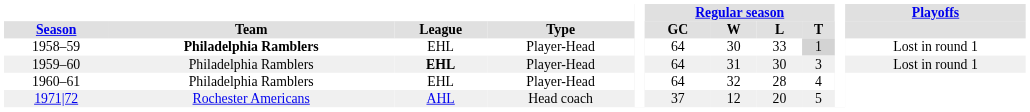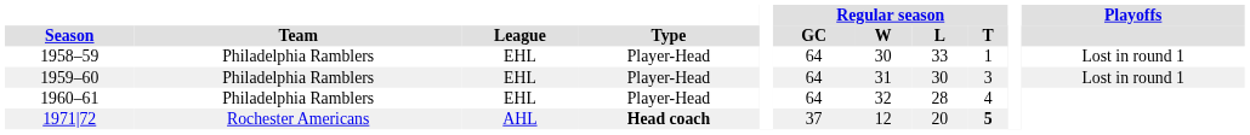 <table BORDER="0" CELLPADDING="1" CELLSPACING="0" width="75%" style="text-align:center">
 <tr bgcolor="#e0e0e0">
 <th colspan="4" bgcolor="#ffffff"> </th>
 <th rowspan="99" bgcolor="#ffffff"> </th>
 <th colspan="4"><a href='#'>Regular season</a></th>
 <th rowspan="99" bgcolor="#ffffff"> </th>
 <th colspan="1"><a href='#'>Playoffs</a></th>
 </tr>
 <tr bgcolor="#e0e0e0">
 <th><a href='#'>Season</a></th>
 <th>Team</th>
 <th>League</th>
 <th>Type</th>
 <th>GC</th>
 <th>W</th>
 <th>L</th>
 <th>T</th>
 <th></th>
 </tr>
 <tr>
 <td>1958–59</td>
-<td><strong>Philadelphia Ramblers</strong></td>
+<td>Philadelphia Ramblers</td>
 <td>EHL</td>
 <td>Player-Head</td>
 <td>64</td>
 <td>30</td>
 <td>33</td>
-<td style="background: lightgrey;">1</td>
+<td>1</td>
 <td>Lost in round 1</td>
 </tr>
 <tr bgcolor="#f0f0f0">
 <td>1959–60</td>
 <td>Philadelphia Ramblers</td>
-<td><strong>EHL</strong></td>
+<td>EHL</td>
 <td>Player-Head</td>
 <td>64</td>
 <td>31</td>
 <td>30</td>
 <td>3</td>
 <td>Lost in round 1</td>
 </tr>
 <tr>
 <td>1960–61</td>
 <td>Philadelphia Ramblers</td>
 <td>EHL</td>
 <td>Player-Head</td>
 <td>64</td>
 <td>32</td>
 <td>28</td>
 <td>4</td>
 <td></td>
 </tr>
 <tr bgcolor="#f0f0f0">
 <td><a href='#'>1971|72</a></td>
 <td><a href='#'>Rochester Americans</a></td>
 <td><a href='#'>AHL</a></td>
-<td>Head coach</td>
+<td><strong>Head coach</strong></td>
 <td>37</td>
 <td>12</td>
 <td>20</td>
-<td>5</td>
+<td><strong>5</strong></td>
 </tr>
 </table>
